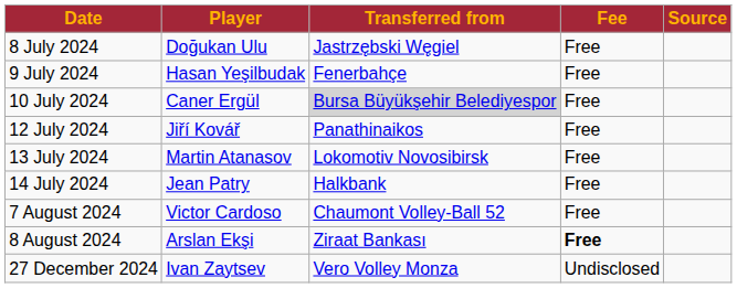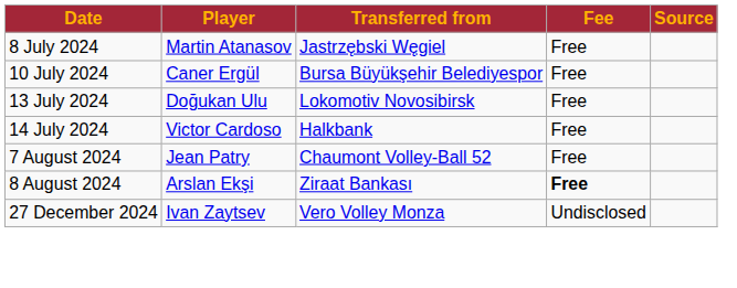 <table class="wikitable plainrowheaders sortable">
 <tr>
 <th style="background:#A32638; color:#FFB300; ">Date</th>
 <th style="background:#A32638; color:#FFB300; ">Player</th>
 <th style="background:#A32638; color:#FFB300; ">Transferred from</th>
 <th style="background:#A32638; color:#FFB300; ">Fee</th>
 <th style="background:#A32638; color:#FFB300; ">Source</th>
 </tr>
 <tr>
 <td>8 July 2024</td>
-<td align=left> <a href='#'>Doğukan Ulu</a></td>
+<td align=left> <a href='#'>Martin Atanasov</a></td>
 <td align=left> <a href='#'>Jastrzębski Węgiel</a></td>
-<td>Free</td>
-<td></td>
-</tr>
-<tr>
-<td>9 July 2024</td>
-<td align=left> <a href='#'>Hasan Yeşilbudak</a></td>
-<td align=left> <a href='#'>Fenerbahçe</a></td>
 <td>Free</td>
 <td></td>
 </tr>
 <tr>
 <td>10 July 2024</td>
 <td align=left> <a href='#'>Caner Ergül</a></td>
-<td align=left style="background: lightgrey;"> <a href='#'>Bursa Büyükşehir Belediyespor</a></td>
-<td>Free</td>
-<td></td>
-</tr>
-<tr>
-<td>12 July 2024</td>
-<td align=left> <a href='#'>Jiří Kovář</a></td>
-<td align=left> <a href='#'>Panathinaikos</a></td>
+<td align=left> <a href='#'>Bursa Büyükşehir Belediyespor</a></td>
 <td>Free</td>
 <td></td>
 </tr>
 <tr>
 <td>13 July 2024</td>
-<td align=left> <a href='#'>Martin Atanasov</a></td>
+<td align=left> <a href='#'>Doğukan Ulu</a></td>
 <td align=left> <a href='#'>Lokomotiv Novosibirsk</a></td>
 <td>Free</td>
 <td></td>
 </tr>
 <tr>
 <td>14 July 2024</td>
-<td align=left> <a href='#'>Jean Patry</a></td>
+<td align=left> <a href='#'>Victor Cardoso</a></td>
 <td align=left> <a href='#'>Halkbank</a></td>
 <td>Free</td>
 <td></td>
 </tr>
 <tr>
 <td>7 August 2024</td>
-<td align=left> <a href='#'>Victor Cardoso</a></td>
+<td align=left> <a href='#'>Jean Patry</a></td>
 <td align=left> <a href='#'>Chaumont Volley-Ball 52</a></td>
 <td>Free</td>
 <td></td>
 </tr>
 <tr>
 <td>8 August 2024</td>
 <td align=left> <a href='#'>Arslan Ekşi</a></td>
 <td align=left> <a href='#'>Ziraat Bankası</a></td>
 <td><strong>Free</strong></td>
 <td></td>
 </tr>
 <tr>
 <td>27 December 2024</td>
 <td align=left> <a href='#'>Ivan Zaytsev</a></td>
 <td align=left> <a href='#'>Vero Volley Monza</a></td>
 <td>Undisclosed</td>
 <td></td>
 </tr>
 </table>
